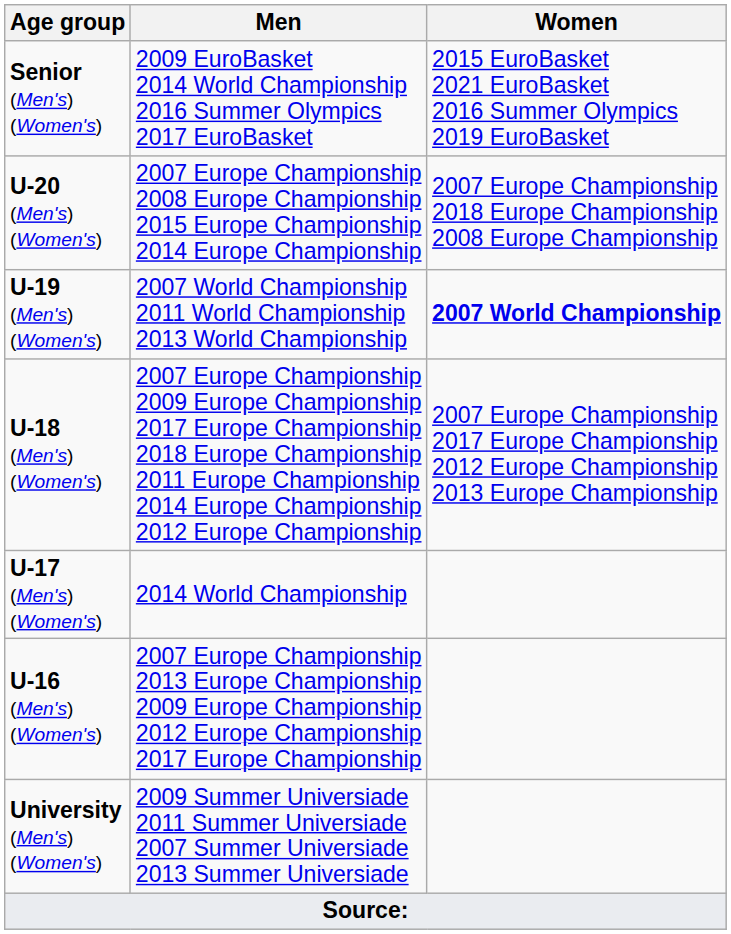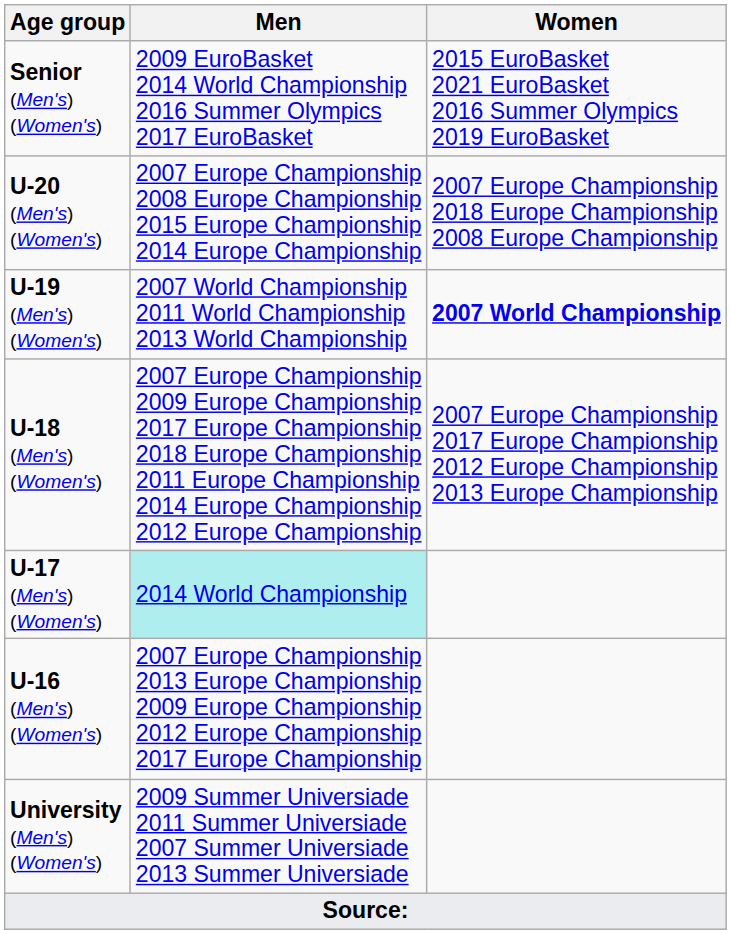 <table class="wikitable">
 <tr>
 <th>Age group</th>
 <th>Men</th>
 <th>Women</th>
 </tr>
 <tr>
 <td><strong>Senior</strong> <br> <small>(<em><a href='#'>Men's</a></em>)</small><br> <small>(<em><a href='#'>Women's</a></em>)</small></td>
 <td> <a href='#'>2009 EuroBasket</a> <br> <a href='#'>2014 World Championship</a> <br> <a href='#'>2016 Summer Olympics</a>  <br> <a href='#'>2017 EuroBasket</a></td>
 <td> <a href='#'>2015 EuroBasket</a> <br>  <a href='#'>2021 EuroBasket</a> <br>  <a href='#'>2016 Summer Olympics</a> <br> <a href='#'>2019 EuroBasket</a></td>
 </tr>
 <tr>
 <td><strong>U-20</strong> <br> <small>(<em><a href='#'>Men's</a></em>)</small><br> <small>(<em><a href='#'>Women's</a></em>)</small></td>
 <td> <a href='#'>2007 Europe Championship</a> <br> <a href='#'>2008 Europe Championship</a> <br> <a href='#'>2015 Europe Championship</a> <br>  <a href='#'>2014 Europe Championship</a></td>
 <td> <a href='#'>2007 Europe Championship</a> <br> <a href='#'>2018 Europe Championship</a> <br> <a href='#'>2008 Europe Championship</a></td>
 </tr>
 <tr>
 <td><strong>U-19</strong> <br> <small>(<em><a href='#'>Men's</a></em>)</small><br> <small>(<em><a href='#'>Women's</a></em>)</small></td>
 <td> <a href='#'>2007 World Championship</a> <br> <a href='#'>2011 World Championship</a> <br> <a href='#'>2013 World Championship</a></td>
 <td><strong> <a href='#'>2007 World Championship</a></strong></td>
 </tr>
 <tr>
 <td><strong>U-18</strong> <br> <small>(<em><a href='#'>Men's</a></em>)</small><br> <small>(<em><a href='#'>Women's</a></em>)</small></td>
 <td> <a href='#'>2007 Europe Championship</a><br>  <a href='#'>2009 Europe Championship</a><br> <a href='#'>2017 Europe Championship</a><br> <a href='#'>2018 Europe Championship</a><br> <a href='#'>2011 Europe Championship</a> <br> <a href='#'>2014 Europe Championship</a><br> <a href='#'>2012 Europe Championship</a></td>
 <td> <a href='#'>2007 Europe Championship</a><br> <a href='#'>2017 Europe Championship</a><br> <a href='#'>2012 Europe Championship</a><br> <a href='#'>2013 Europe Championship</a></td>
 </tr>
 <tr>
 <td><strong>U-17</strong><br> <small>(<em><a href='#'>Men's</a></em>)</small><br> <small>(<em><a href='#'>Women's</a></em>)</small></td>
-<td> <a href='#'>2014 World Championship</a></td>
+<td style="background: paleturquoise;"> <a href='#'>2014 World Championship</a></td>
 <td></td>
 </tr>
 <tr>
 <td><strong>U-16</strong><br> <small>(<em><a href='#'>Men's</a></em>)</small><br> <small>(<em><a href='#'>Women's</a></em>)</small></td>
 <td> <a href='#'>2007 Europe Championship</a><br> <a href='#'>2013 Europe Championship</a> <br>  <a href='#'>2009 Europe Championship</a> <br> <a href='#'>2012 Europe Championship</a> <br> <a href='#'>2017 Europe Championship</a></td>
 <td></td>
 </tr>
 <tr>
 <td><strong>University</strong><br> <small>(<em><a href='#'>Men's</a></em>)</small><br> <small>(<em><a href='#'>Women's</a></em>)</small></td>
 <td> <a href='#'>2009 Summer Universiade</a><br> <a href='#'>2011 Summer Universiade</a><br> <a href='#'>2007 Summer Universiade</a> <br> <a href='#'>2013 Summer Universiade</a></td>
 <td></td>
 </tr>
 <tr>
 <td style="background-color:#EAECF0; text-align:center" colspan="3"><strong>Source:</strong> </td>
 </tr>
 </table>
